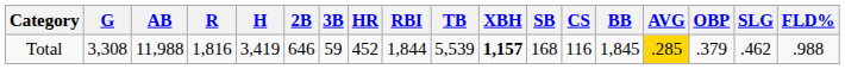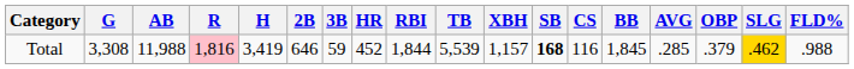 <table class="wikitable"  style="font-size: 95%; text-align:center;">
 <tr>
 <th>Category</th>
 <th><a href='#'>G</a></th>
 <th><a href='#'>AB</a></th>
 <th><a href='#'>R</a></th>
 <th><a href='#'>H</a></th>
 <th><a href='#'>2B</a></th>
 <th><a href='#'>3B</a></th>
 <th><a href='#'>HR</a></th>
 <th><a href='#'>RBI</a></th>
 <th><a href='#'>TB</a></th>
 <th><a href='#'>XBH</a></th>
 <th><a href='#'>SB</a></th>
 <th><a href='#'>CS</a></th>
 <th><a href='#'>BB</a></th>
 <th><a href='#'>AVG</a></th>
 <th><a href='#'>OBP</a></th>
 <th><a href='#'>SLG</a></th>
 <th><a href='#'>FLD%</a></th>
 </tr>
 <tr>
 <td>Total</td>
 <td>3,308</td>
 <td>11,988</td>
-<td>1,816</td>
+<td style="background: pink;">1,816</td>
 <td>3,419</td>
 <td>646</td>
 <td>59</td>
 <td>452</td>
 <td>1,844</td>
 <td>5,539</td>
-<td><strong>1,157</strong></td>
-<td>168</td>
+<td>1,157</td>
+<td><strong>168</strong></td>
 <td>116</td>
 <td>1,845</td>
-<td style="background: gold;">.285</td>
+<td>.285</td>
 <td>.379</td>
-<td>.462</td>
+<td style="background: gold;">.462</td>
 <td>.988</td>
 </tr>
 </table>
